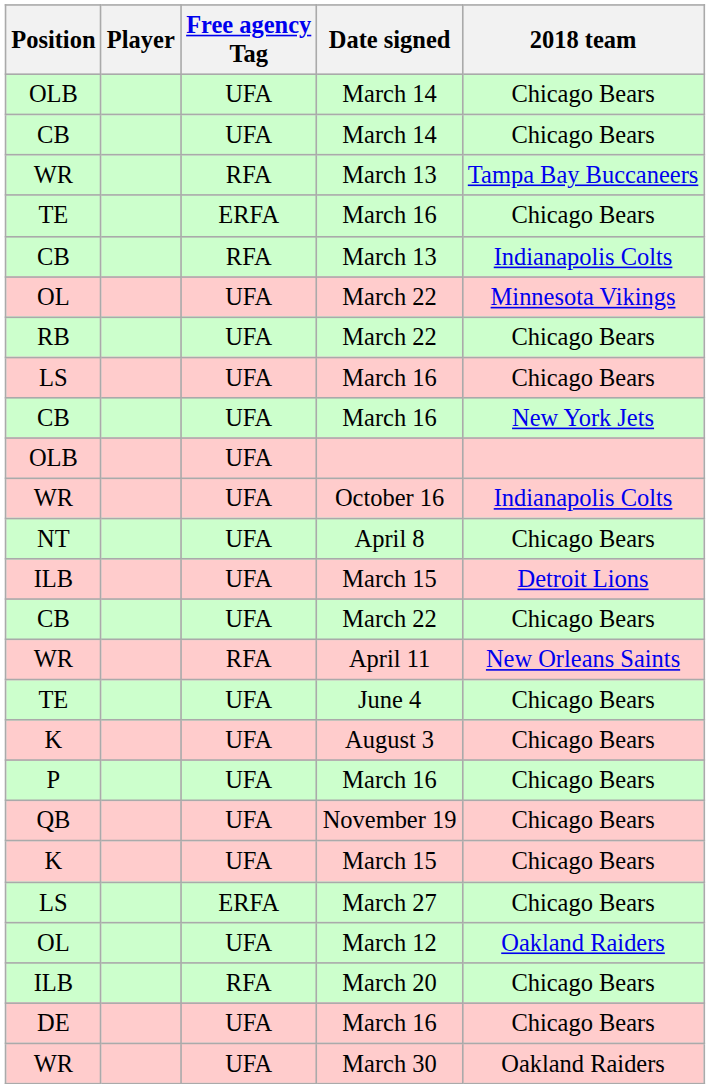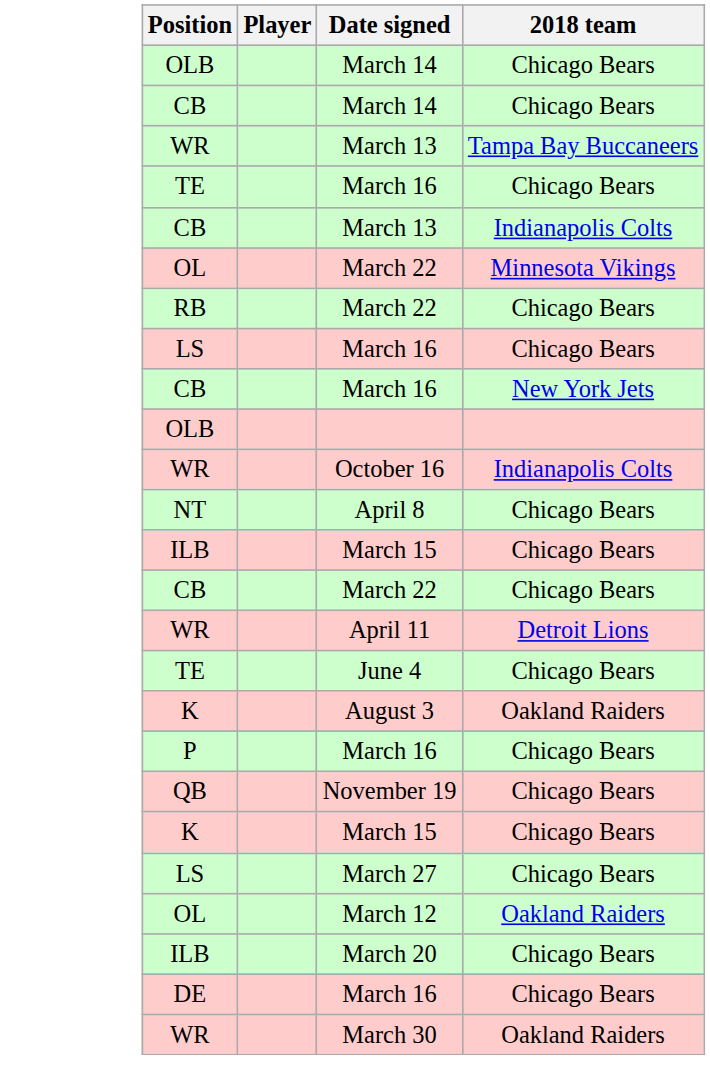 <table class="wikitable sortable"  style="float:right; font-size:95%">
 <tr>
 <th>Position</th>
 <th>Player</th>
-<th><a href='#'><span>Free agency</span></a><br>Tag</th>
 <th>Date signed</th>
 <th>2018 team</th>
 </tr>
 <tr style="background:#cfc; text-align:center">
 <td>OLB</td>
 <td></td>
-<td>UFA</td>
 <td>March 14</td>
 <td>Chicago Bears</td>
 </tr>
 <tr style="background:#cfc; text-align:center;">
 <td>CB</td>
 <td></td>
-<td>UFA</td>
 <td>March 14</td>
 <td>Chicago Bears</td>
 </tr>
 <tr style="background:#cfc; text-align:center;">
 <td>WR</td>
 <td></td>
-<td>RFA</td>
 <td>March 13</td>
 <td><a href='#'>Tampa Bay Buccaneers</a></td>
 </tr>
 <tr style="background:#cfc; text-align:center;">
 <td>TE</td>
 <td></td>
-<td>ERFA</td>
 <td>March 16</td>
 <td>Chicago Bears</td>
 </tr>
 <tr style="background:#cfc; text-align:center;">
 <td>CB</td>
 <td></td>
-<td>RFA</td>
 <td>March 13</td>
 <td><a href='#'>Indianapolis Colts</a></td>
 </tr>
 <tr style="background:#fcc; text-align:center;">
 <td>OL</td>
 <td></td>
-<td>UFA</td>
 <td>March 22</td>
 <td><a href='#'>Minnesota Vikings</a></td>
 </tr>
 <tr style="background:#cfc; text-align:center;">
 <td>RB</td>
 <td></td>
-<td>UFA</td>
 <td>March 22</td>
 <td>Chicago Bears</td>
 </tr>
 <tr style="background:#fcc; text-align:center;">
 <td>LS</td>
 <td></td>
-<td>UFA</td>
 <td>March 16</td>
 <td>Chicago Bears</td>
 </tr>
 <tr style="background:#cfc; text-align:center;">
 <td>CB</td>
 <td></td>
-<td>UFA</td>
 <td>March 16</td>
 <td><a href='#'>New York Jets</a></td>
 </tr>
 <tr style="background:#fcc; text-align:center;">
 <td>OLB</td>
 <td></td>
-<td>UFA</td>
 <td></td>
 <td></td>
 </tr>
 <tr style="background:#fcc; text-align:center;">
 <td>WR</td>
 <td></td>
-<td>UFA</td>
 <td>October 16</td>
 <td><a href='#'>Indianapolis Colts</a></td>
 </tr>
 <tr style="background:#cfc; text-align:center;">
 <td>NT</td>
 <td></td>
-<td>UFA</td>
 <td>April 8</td>
 <td>Chicago Bears</td>
 </tr>
 <tr style="background:#fcc; text-align:center;">
 <td>ILB</td>
 <td></td>
-<td>UFA</td>
 <td>March 15</td>
-<td><a href='#'>Detroit Lions</a></td>
+<td>Chicago Bears</td>
 </tr>
 <tr style="background:#cfc; text-align:center;">
 <td>CB</td>
 <td></td>
-<td>UFA</td>
 <td>March 22</td>
 <td>Chicago Bears</td>
 </tr>
 <tr style="background:#fcc; text-align:center;">
 <td>WR</td>
 <td></td>
-<td>RFA</td>
 <td>April 11</td>
-<td><a href='#'>New Orleans Saints</a></td>
+<td><a href='#'>Detroit Lions</a></td>
 </tr>
 <tr style="background:#cfc; text-align:center;">
 <td>TE</td>
 <td></td>
-<td>UFA</td>
 <td>June 4</td>
 <td>Chicago Bears</td>
 </tr>
 <tr style="background:#fcc; text-align:center;">
 <td>K</td>
 <td></td>
-<td>UFA</td>
 <td>August 3</td>
-<td>Chicago Bears</td>
+<td>Oakland Raiders</td>
 </tr>
 <tr style="background:#cfc; text-align:center;">
 <td>P</td>
 <td></td>
-<td>UFA</td>
 <td>March 16</td>
 <td>Chicago Bears</td>
 </tr>
 <tr style="background:#fcc; text-align:center;">
 <td>QB</td>
 <td></td>
-<td>UFA</td>
 <td>November 19</td>
 <td>Chicago Bears</td>
 </tr>
 <tr style="background:#fcc; text-align:center;">
 <td>K</td>
 <td></td>
-<td>UFA</td>
 <td>March 15</td>
 <td>Chicago Bears</td>
 </tr>
 <tr style="background:#cfc; text-align:center;">
 <td>LS</td>
 <td></td>
-<td>ERFA</td>
 <td>March 27</td>
 <td>Chicago Bears</td>
 </tr>
 <tr style="background:#cfc; text-align:center;">
 <td>OL</td>
 <td></td>
-<td>UFA</td>
 <td>March 12</td>
 <td><a href='#'>Oakland Raiders</a></td>
 </tr>
 <tr style="background:#cfc; text-align:center;">
 <td>ILB</td>
 <td></td>
-<td>RFA</td>
 <td>March 20</td>
 <td>Chicago Bears</td>
 </tr>
 <tr style="background:#fcc; text-align:center;">
 <td>DE</td>
 <td></td>
-<td>UFA</td>
 <td>March 16</td>
 <td>Chicago Bears</td>
 </tr>
 <tr style="background:#fcc; text-align:center;">
 <td>WR</td>
 <td></td>
-<td>UFA</td>
 <td>March 30</td>
 <td>Oakland Raiders</td>
 </tr>
 </table>
